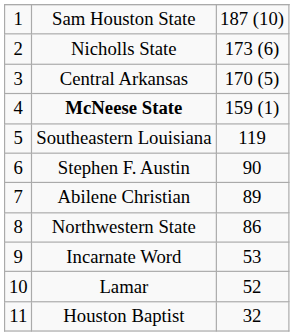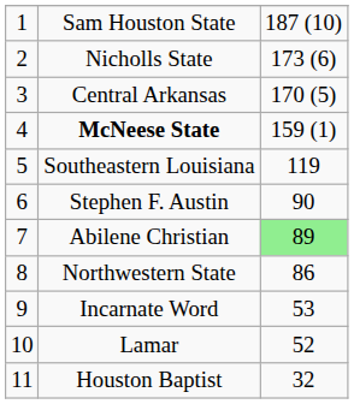 <table class="wikitable">
 <tr align="center">
 </tr>
 <tr align="center">
 <td>1</td>
 <td>Sam Houston State</td>
 <td>187 (10)</td>
 </tr>
 <tr align="center">
 <td>2</td>
 <td>Nicholls State</td>
 <td>173 (6)</td>
 </tr>
 <tr align="center">
 <td>3</td>
 <td>Central Arkansas</td>
 <td>170 (5)</td>
 </tr>
 <tr align="center">
 <td>4</td>
 <td><strong>McNeese State</strong></td>
 <td>159 (1)</td>
 </tr>
 <tr align="center">
 <td>5</td>
 <td>Southeastern Louisiana</td>
 <td>119</td>
 </tr>
 <tr align="center">
 <td>6</td>
 <td>Stephen F. Austin</td>
 <td>90</td>
 </tr>
 <tr align="center">
 <td>7</td>
 <td>Abilene Christian</td>
-<td>89</td>
+<td style="background: lightgreen;">89</td>
 </tr>
 <tr align="center">
 <td>8</td>
 <td>Northwestern State</td>
 <td>86</td>
 </tr>
 <tr align="center">
 <td>9</td>
 <td>Incarnate Word</td>
 <td>53</td>
 </tr>
 <tr align="center">
 <td>10</td>
 <td>Lamar</td>
 <td>52</td>
 </tr>
 <tr align="center">
 <td>11</td>
 <td>Houston Baptist</td>
 <td>32</td>
 </tr>
 </table>
